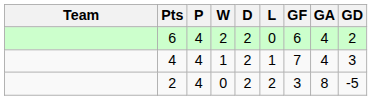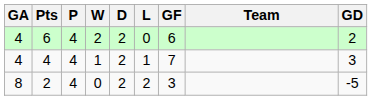 <table class="wikitable" style="text-align: center;">
 <tr>
-<th width="165">Team</th>
+<th width="20">GA</th>
 <th width="20">Pts</th>
 <th width="20">P</th>
 <th width="20">W</th>
 <th width="20">D</th>
 <th width="20">L</th>
 <th width="20">GF</th>
-<th width="20">GA</th>
+<th width="165">Team</th>
 <th width="20">GD</th>
 </tr>
 <tr bgcolor=ccffcc>
-<td style="text-align:left;"></td>
+<td>4</td>
 <td>6</td>
 <td>4</td>
 <td>2</td>
 <td>2</td>
 <td>0</td>
 <td>6</td>
-<td>4</td>
+<td style="text-align:left;"></td>
 <td>2</td>
 </tr>
 <tr>
-<td></td>
+<td>4</td>
 <td>4</td>
 <td>4</td>
 <td>1</td>
 <td>2</td>
 <td>1</td>
 <td>7</td>
-<td>4</td>
+<td></td>
 <td>3</td>
 </tr>
 <tr>
-<td></td>
+<td>8</td>
 <td>2</td>
 <td>4</td>
 <td>0</td>
 <td>2</td>
 <td>2</td>
 <td>3</td>
-<td>8</td>
+<td></td>
 <td>-5</td>
 </tr>
 </table>
